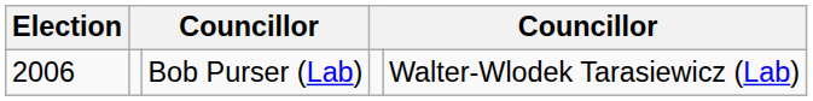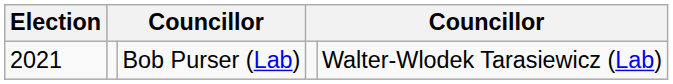 <table class="wikitable">
 <tr>
 <th>Election</th>
 <th colspan="2">Councillor</th>
 <th colspan="2">Councillor</th>
 </tr>
 <tr>
-<td>2006</td>
+<td>2021</td>
 <td style="background-color: "></td>
 <td>Bob Purser (<a href='#'>Lab</a>)</td>
 <td style="background-color: "></td>
 <td>Walter-Wlodek Tarasiewicz  (<a href='#'>Lab</a>)</td>
 </tr>
 </table>
